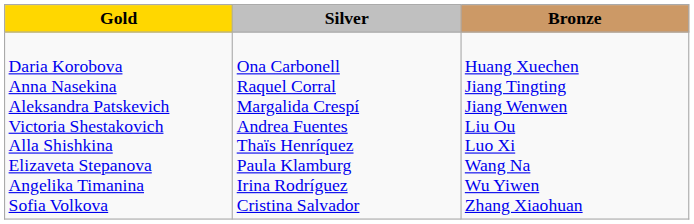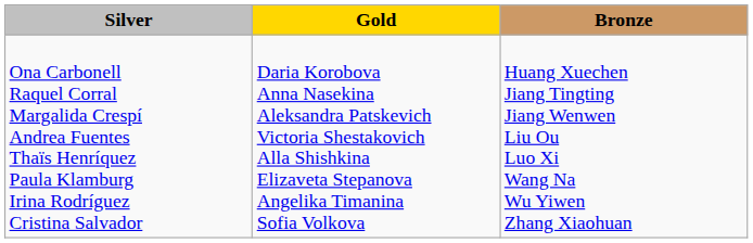 <table class="wikitable" style="text-align:left">
 <tr align="center">
+<td width=200 bgcolor=silver><strong>Silver</strong></td>
 <td width=200 bgcolor=gold><strong>Gold</strong></td>
-<td width=200 bgcolor=silver><strong>Silver</strong></td>
 <td width=200 bgcolor=CC9966><strong>Bronze</strong></td>
 </tr>
 <tr>
+<td><br><a href='#'>Ona Carbonell</a><br><a href='#'>Raquel Corral</a><br><a href='#'>Margalida Crespí</a><br><a href='#'>Andrea Fuentes</a><br><a href='#'>Thaïs Henríquez</a><br><a href='#'>Paula Klamburg</a><br><a href='#'>Irina Rodríguez</a><br><a href='#'>Cristina Salvador</a></td>
 <td><br><a href='#'>Daria Korobova</a><br><a href='#'>Anna Nasekina</a><br><a href='#'>Aleksandra Patskevich</a><br><a href='#'>Victoria Shestakovich</a><br><a href='#'>Alla Shishkina</a><br><a href='#'>Elizaveta Stepanova</a><br><a href='#'>Angelika Timanina</a><br><a href='#'>Sofia Volkova</a></td>
-<td><br><a href='#'>Ona Carbonell</a><br><a href='#'>Raquel Corral</a><br><a href='#'>Margalida Crespí</a><br><a href='#'>Andrea Fuentes</a><br><a href='#'>Thaïs Henríquez</a><br><a href='#'>Paula Klamburg</a><br><a href='#'>Irina Rodríguez</a><br><a href='#'>Cristina Salvador</a></td>
 <td><br><a href='#'>Huang Xuechen</a><br><a href='#'>Jiang Tingting</a><br><a href='#'>Jiang Wenwen</a><br><a href='#'>Liu Ou</a><br><a href='#'>Luo Xi</a><br><a href='#'>Wang Na</a><br><a href='#'>Wu Yiwen</a><br><a href='#'>Zhang Xiaohuan</a></td>
 </tr>
 </table>
